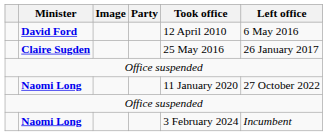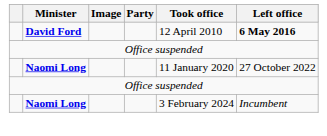 <table class="wikitable" style="margin: 1em auto 1em auto">
 <tr bgcolor=cccccc>
 <th></th>
 <th>Minister</th>
 <th>Image</th>
 <th>Party</th>
 <th>Took office</th>
 <th>Left office</th>
 </tr>
 <tr>
 <td style="background:">   </td>
 <td><strong><a href='#'>David Ford</a></strong></td>
 <td></td>
 <td></td>
 <td>12 April 2010</td>
-<td>6 May 2016</td>
-</tr>
-<tr>
-<td style="background:">   </td>
-<td><strong><a href='#'>Claire Sugden</a></strong></td>
-<td></td>
-<td></td>
-<td>25 May 2016</td>
-<td>26 January 2017</td>
+<td><strong>6 May 2016</strong></td>
 </tr>
 <tr>
 <td colspan="6" align="center"><em>Office suspended</em></td>
 </tr>
 <tr>
 <td style="background:">   </td>
 <td><strong><a href='#'>Naomi Long</a></strong></td>
 <td></td>
 <td></td>
 <td>11 January 2020</td>
 <td>27 October 2022</td>
 </tr>
 <tr>
 <td colspan="6" align="center"><em>Office suspended</em></td>
 </tr>
 <tr>
 <td style="background:">   </td>
 <td><strong><a href='#'>Naomi Long</a></strong></td>
 <td></td>
 <td></td>
 <td>3 February 2024</td>
 <td><em>Incumbent</em></td>
 </tr>
 </table>
